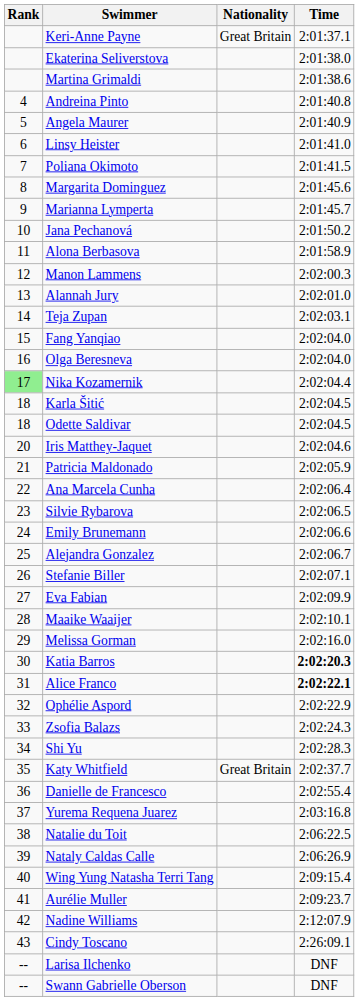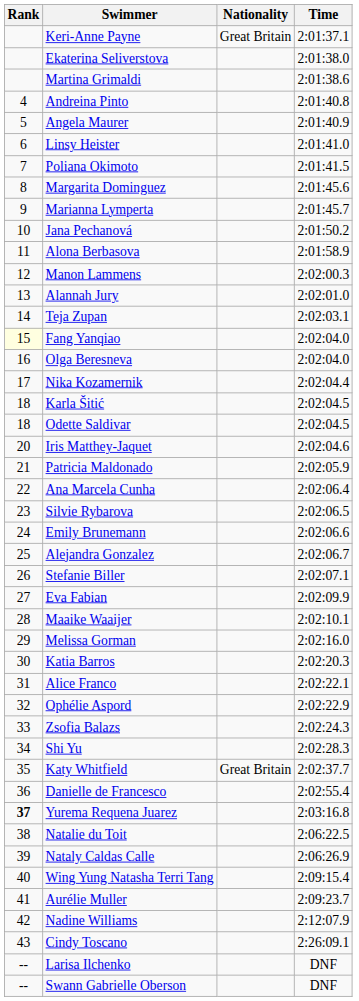 <table class="wikitable" border="1" style="text-align:center">
 <tr>
 <th>Rank</th>
 <th>Swimmer</th>
 <th>Nationality</th>
 <th>Time</th>
 </tr>
 <tr>
 <td></td>
 <td align=left><a href='#'>Keri-Anne Payne</a></td>
 <td align=left> Great Britain</td>
 <td align=right>2:01:37.1</td>
 </tr>
 <tr>
 <td></td>
 <td align=left><a href='#'>Ekaterina Seliverstova</a></td>
 <td align=left></td>
 <td align=right>2:01:38.0</td>
 </tr>
 <tr>
 <td></td>
 <td align=left><a href='#'>Martina Grimaldi</a></td>
 <td align=left></td>
 <td align=right>2:01:38.6</td>
 </tr>
 <tr>
 <td>4</td>
 <td align=left><a href='#'>Andreina Pinto</a></td>
 <td align=left></td>
 <td align=right>2:01:40.8</td>
 </tr>
 <tr>
 <td>5</td>
 <td align=left><a href='#'>Angela Maurer</a></td>
 <td align=left></td>
 <td align=right>2:01:40.9</td>
 </tr>
 <tr>
 <td>6</td>
 <td align=left><a href='#'>Linsy Heister</a></td>
 <td align=left></td>
 <td align=right>2:01:41.0</td>
 </tr>
 <tr>
 <td>7</td>
 <td align=left><a href='#'>Poliana Okimoto</a></td>
 <td align=left></td>
 <td align=right>2:01:41.5</td>
 </tr>
 <tr>
 <td>8</td>
 <td align=left><a href='#'>Margarita Dominguez</a></td>
 <td align=left></td>
 <td align=right>2:01:45.6</td>
 </tr>
 <tr>
 <td>9</td>
 <td align=left><a href='#'>Marianna Lymperta</a></td>
 <td align=left></td>
 <td align=right>2:01:45.7</td>
 </tr>
 <tr>
 <td>10</td>
 <td align=left><a href='#'>Jana Pechanová</a></td>
 <td align=left></td>
 <td align=right>2:01:50.2</td>
 </tr>
 <tr>
 <td>11</td>
 <td align=left><a href='#'>Alona Berbasova</a></td>
 <td align=left></td>
 <td align=right>2:01:58.9</td>
 </tr>
 <tr>
 <td>12</td>
 <td align=left><a href='#'>Manon Lammens</a></td>
 <td align=left></td>
 <td align=right>2:02:00.3</td>
 </tr>
 <tr>
 <td>13</td>
 <td align=left><a href='#'>Alannah Jury</a></td>
 <td align=left></td>
 <td align=right>2:02:01.0</td>
 </tr>
 <tr>
 <td>14</td>
 <td align=left><a href='#'>Teja Zupan</a></td>
 <td align=left></td>
 <td align=right>2:02:03.1</td>
 </tr>
 <tr>
-<td>15</td>
+<td style="background: lightyellow;">15</td>
 <td align=left><a href='#'>Fang Yanqiao</a></td>
 <td align=left></td>
 <td align=right>2:02:04.0</td>
 </tr>
 <tr>
 <td>16</td>
 <td align=left><a href='#'>Olga Beresneva</a></td>
 <td align=left></td>
 <td align=right>2:02:04.0</td>
 </tr>
 <tr>
-<td style="background: lightgreen;">17</td>
+<td>17</td>
 <td align=left><a href='#'>Nika Kozamernik</a></td>
 <td align=left></td>
 <td align=right>2:02:04.4</td>
 </tr>
 <tr>
 <td>18</td>
 <td align=left><a href='#'>Karla Šitić</a></td>
 <td align=left></td>
 <td align=right>2:02:04.5</td>
 </tr>
 <tr>
 <td>18</td>
 <td align=left><a href='#'>Odette Saldivar</a></td>
 <td align=left></td>
 <td align=right>2:02:04.5</td>
 </tr>
 <tr>
 <td>20</td>
 <td align=left><a href='#'>Iris Matthey-Jaquet</a></td>
 <td align=left></td>
 <td align=right>2:02:04.6</td>
 </tr>
 <tr>
 <td>21</td>
 <td align=left><a href='#'>Patricia Maldonado</a></td>
 <td align=left></td>
 <td align=right>2:02:05.9</td>
 </tr>
 <tr>
 <td>22</td>
 <td align=left><a href='#'>Ana Marcela Cunha</a></td>
 <td align=left></td>
 <td align=right>2:02:06.4</td>
 </tr>
 <tr>
 <td>23</td>
 <td align=left><a href='#'>Silvie Rybarova</a></td>
 <td align=left></td>
 <td align=right>2:02:06.5</td>
 </tr>
 <tr>
 <td>24</td>
 <td align=left><a href='#'>Emily Brunemann</a></td>
 <td align=left></td>
 <td align=right>2:02:06.6</td>
 </tr>
 <tr>
 <td>25</td>
 <td align=left><a href='#'>Alejandra Gonzalez</a></td>
 <td align=left></td>
 <td align=right>2:02:06.7</td>
 </tr>
 <tr>
 <td>26</td>
 <td align=left><a href='#'>Stefanie Biller</a></td>
 <td align=left></td>
 <td align=right>2:02:07.1</td>
 </tr>
 <tr>
 <td>27</td>
 <td align=left><a href='#'>Eva Fabian</a></td>
 <td align=left></td>
 <td align=right>2:02:09.9</td>
 </tr>
 <tr>
 <td>28</td>
 <td align=left><a href='#'>Maaike Waaijer</a></td>
 <td align=left></td>
 <td align=right>2:02:10.1</td>
 </tr>
 <tr>
 <td>29</td>
 <td align=left><a href='#'>Melissa Gorman</a></td>
 <td align=left></td>
 <td align=right>2:02:16.0</td>
 </tr>
 <tr>
 <td>30</td>
 <td align=left><a href='#'>Katia Barros</a></td>
 <td align=left></td>
-<td align=right><strong>2:02:20.3</strong></td>
+<td align=right>2:02:20.3</td>
 </tr>
 <tr>
 <td>31</td>
 <td align=left><a href='#'>Alice Franco</a></td>
 <td align=left></td>
-<td align=right><strong>2:02:22.1</strong></td>
+<td align=right>2:02:22.1</td>
 </tr>
 <tr>
 <td>32</td>
 <td align=left><a href='#'>Ophélie Aspord</a></td>
 <td align=left></td>
 <td align=right>2:02:22.9</td>
 </tr>
 <tr>
 <td>33</td>
 <td align=left><a href='#'>Zsofia Balazs</a></td>
 <td align=left></td>
 <td align=right>2:02:24.3</td>
 </tr>
 <tr>
 <td>34</td>
 <td align=left><a href='#'>Shi Yu</a></td>
 <td align=left></td>
 <td align=right>2:02:28.3</td>
 </tr>
 <tr>
 <td>35</td>
 <td align=left><a href='#'>Katy Whitfield</a></td>
 <td align=left> Great Britain</td>
 <td align=right>2:02:37.7</td>
 </tr>
 <tr>
 <td>36</td>
 <td align=left><a href='#'>Danielle de Francesco</a></td>
 <td align=left></td>
 <td align=right>2:02:55.4</td>
 </tr>
 <tr>
-<td>37</td>
+<td><strong>37</strong></td>
 <td align=left><a href='#'>Yurema Requena Juarez</a></td>
 <td align=left></td>
 <td align=right>2:03:16.8</td>
 </tr>
 <tr>
 <td>38</td>
 <td align=left><a href='#'>Natalie du Toit</a></td>
 <td align=left></td>
 <td align=right>2:06:22.5</td>
 </tr>
 <tr>
 <td>39</td>
 <td align=left><a href='#'>Nataly Caldas Calle</a></td>
 <td align=left></td>
 <td align=right>2:06:26.9</td>
 </tr>
 <tr>
 <td>40</td>
 <td align=left><a href='#'>Wing Yung Natasha Terri Tang</a></td>
 <td align=left></td>
 <td align=right>2:09:15.4</td>
 </tr>
 <tr>
 <td>41</td>
 <td align=left><a href='#'>Aurélie Muller</a></td>
 <td align=left></td>
 <td align=right>2:09:23.7</td>
 </tr>
 <tr>
 <td>42</td>
 <td align=left><a href='#'>Nadine Williams</a></td>
 <td align=left></td>
 <td align=right>2:12:07.9</td>
 </tr>
 <tr>
 <td>43</td>
 <td align=left><a href='#'>Cindy Toscano</a></td>
 <td align=left></td>
 <td align=right>2:26:09.1</td>
 </tr>
 <tr>
 <td>--</td>
 <td align=left><a href='#'>Larisa Ilchenko</a></td>
 <td align=left></td>
 <td>DNF</td>
 </tr>
 <tr>
 <td>--</td>
 <td align=left><a href='#'>Swann Gabrielle Oberson</a></td>
 <td align=left></td>
 <td>DNF</td>
 </tr>
 </table>
